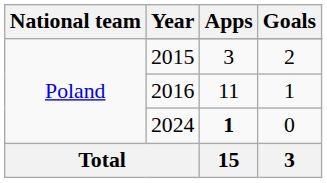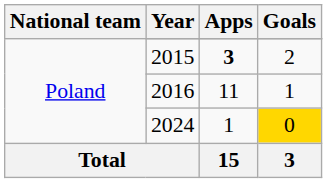 <table class="wikitable" style="text-align:center">
 <tr>
 <th>National team</th>
 <th>Year</th>
 <th>Apps</th>
 <th>Goals</th>
 </tr>
 <tr>
 <td rowspan=4><a href='#'>Poland</a></td>
 </tr>
 <tr>
 <td>2015</td>
-<td>3</td>
+<td><strong>3</strong></td>
 <td>2</td>
 </tr>
 <tr>
 <td>2016</td>
 <td>11</td>
 <td>1</td>
 </tr>
 <tr>
 <td>2024</td>
-<td><strong>1</strong></td>
-<td>0</td>
+<td>1</td>
+<td style="background: gold;">0</td>
 </tr>
 <tr>
 <th colspan="2">Total</th>
 <th>15</th>
 <th>3</th>
 </tr>
 </table>
